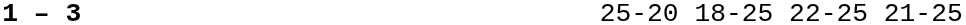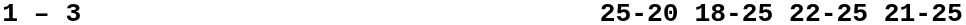 <table>
 <tr>
 <th width=200></th>
 <th width=80></th>
 <th width=200></th>
 <th width=220></th>
 </tr>
 <tr style=font-size:90%>
 <td align=right></td>
 <td align=center><strong>1 – 3</strong></td>
 <td><strong></strong></td>
-<td>25-20 18-25 22-25 21-25</td>
+<td><strong>25-20 18-25 22-25 21-25</strong></td>
 </tr>
 </table>
